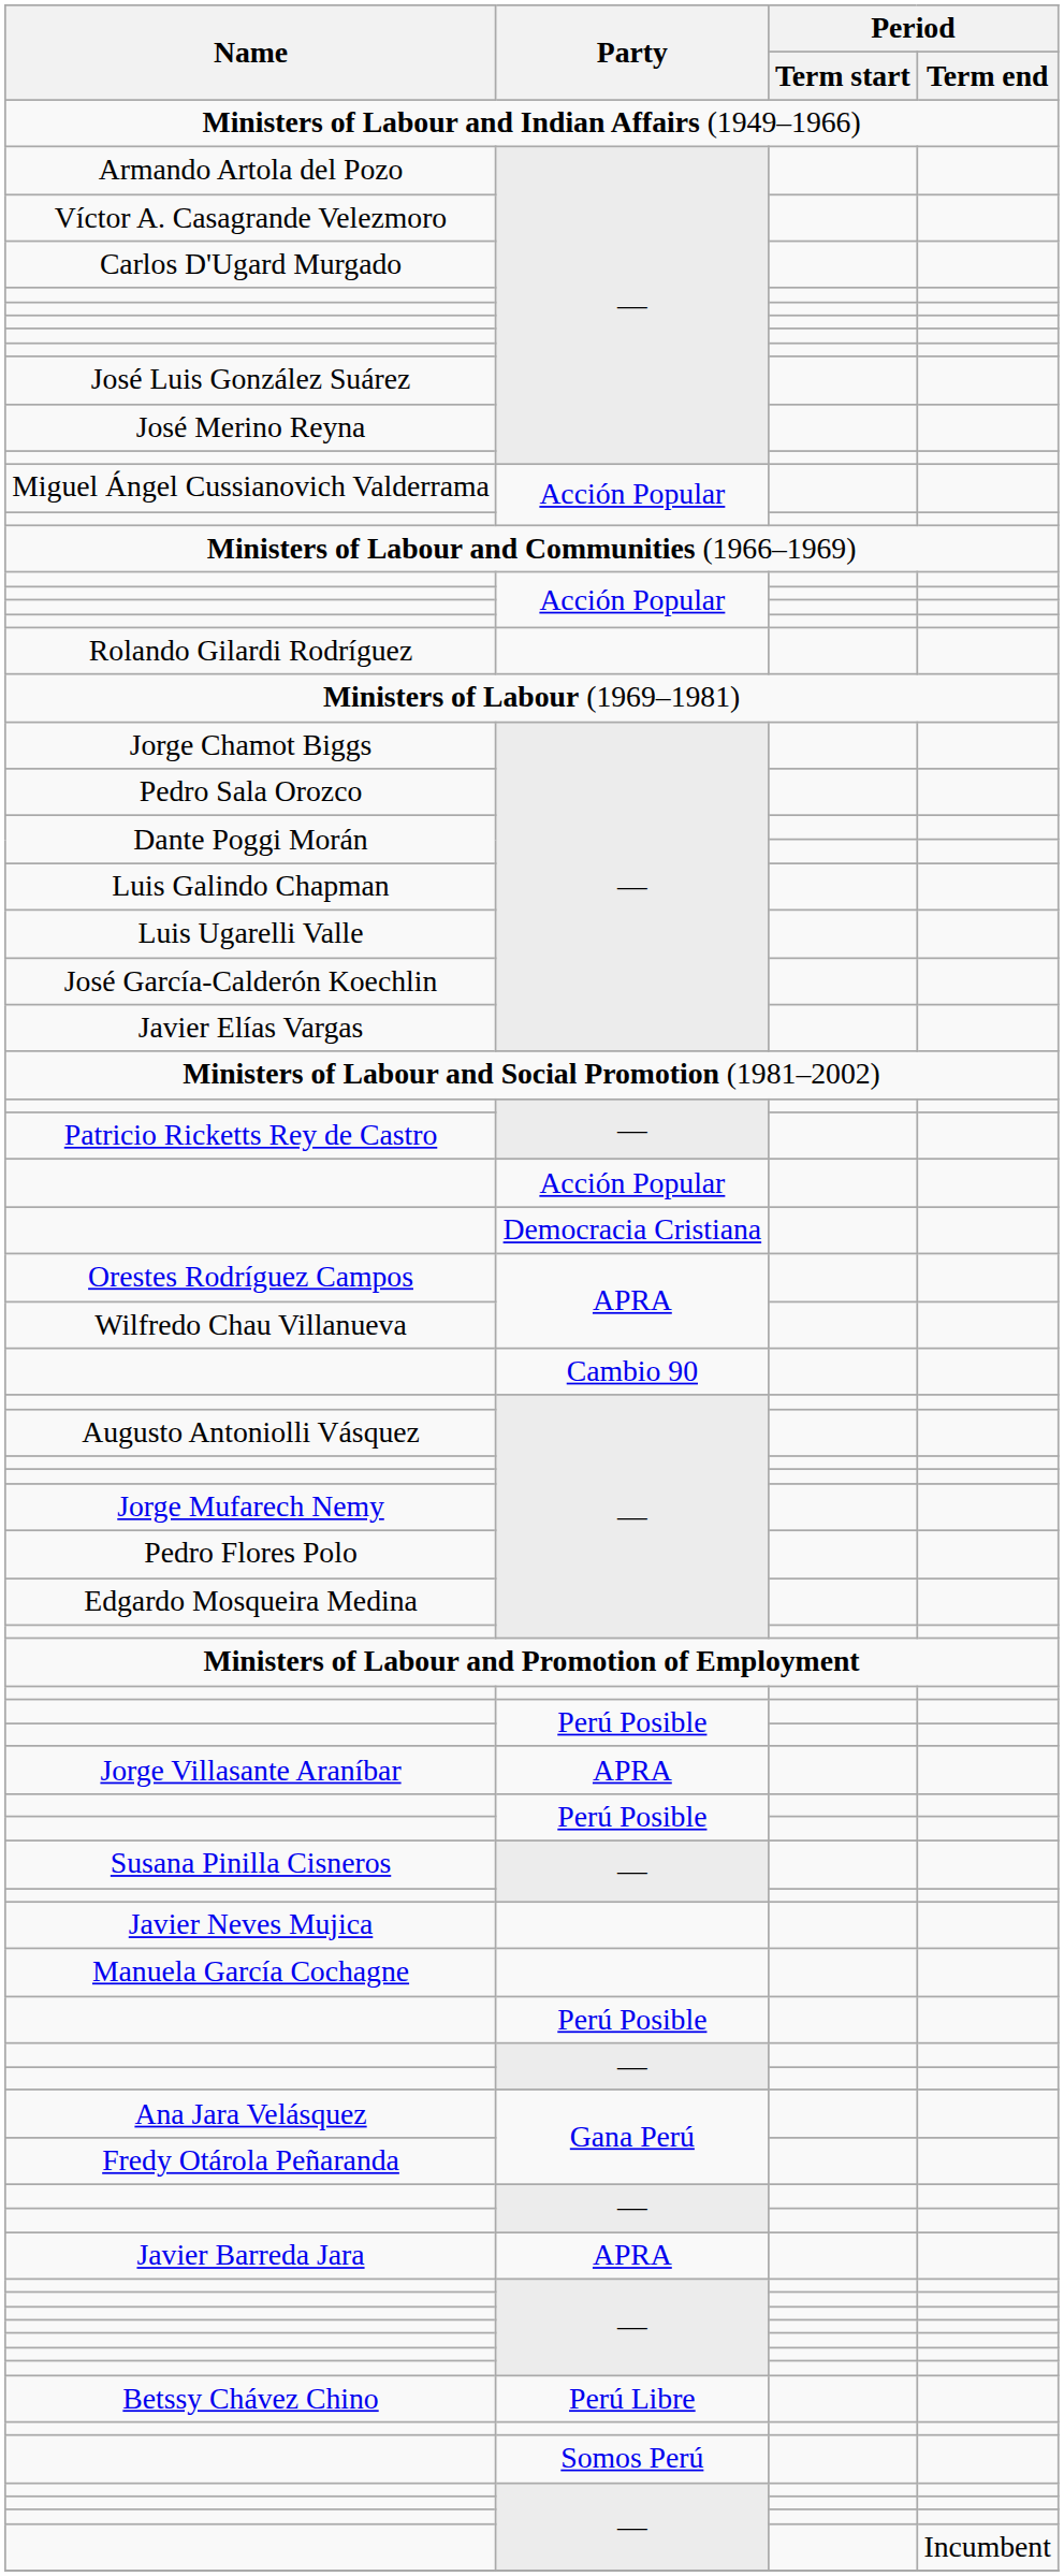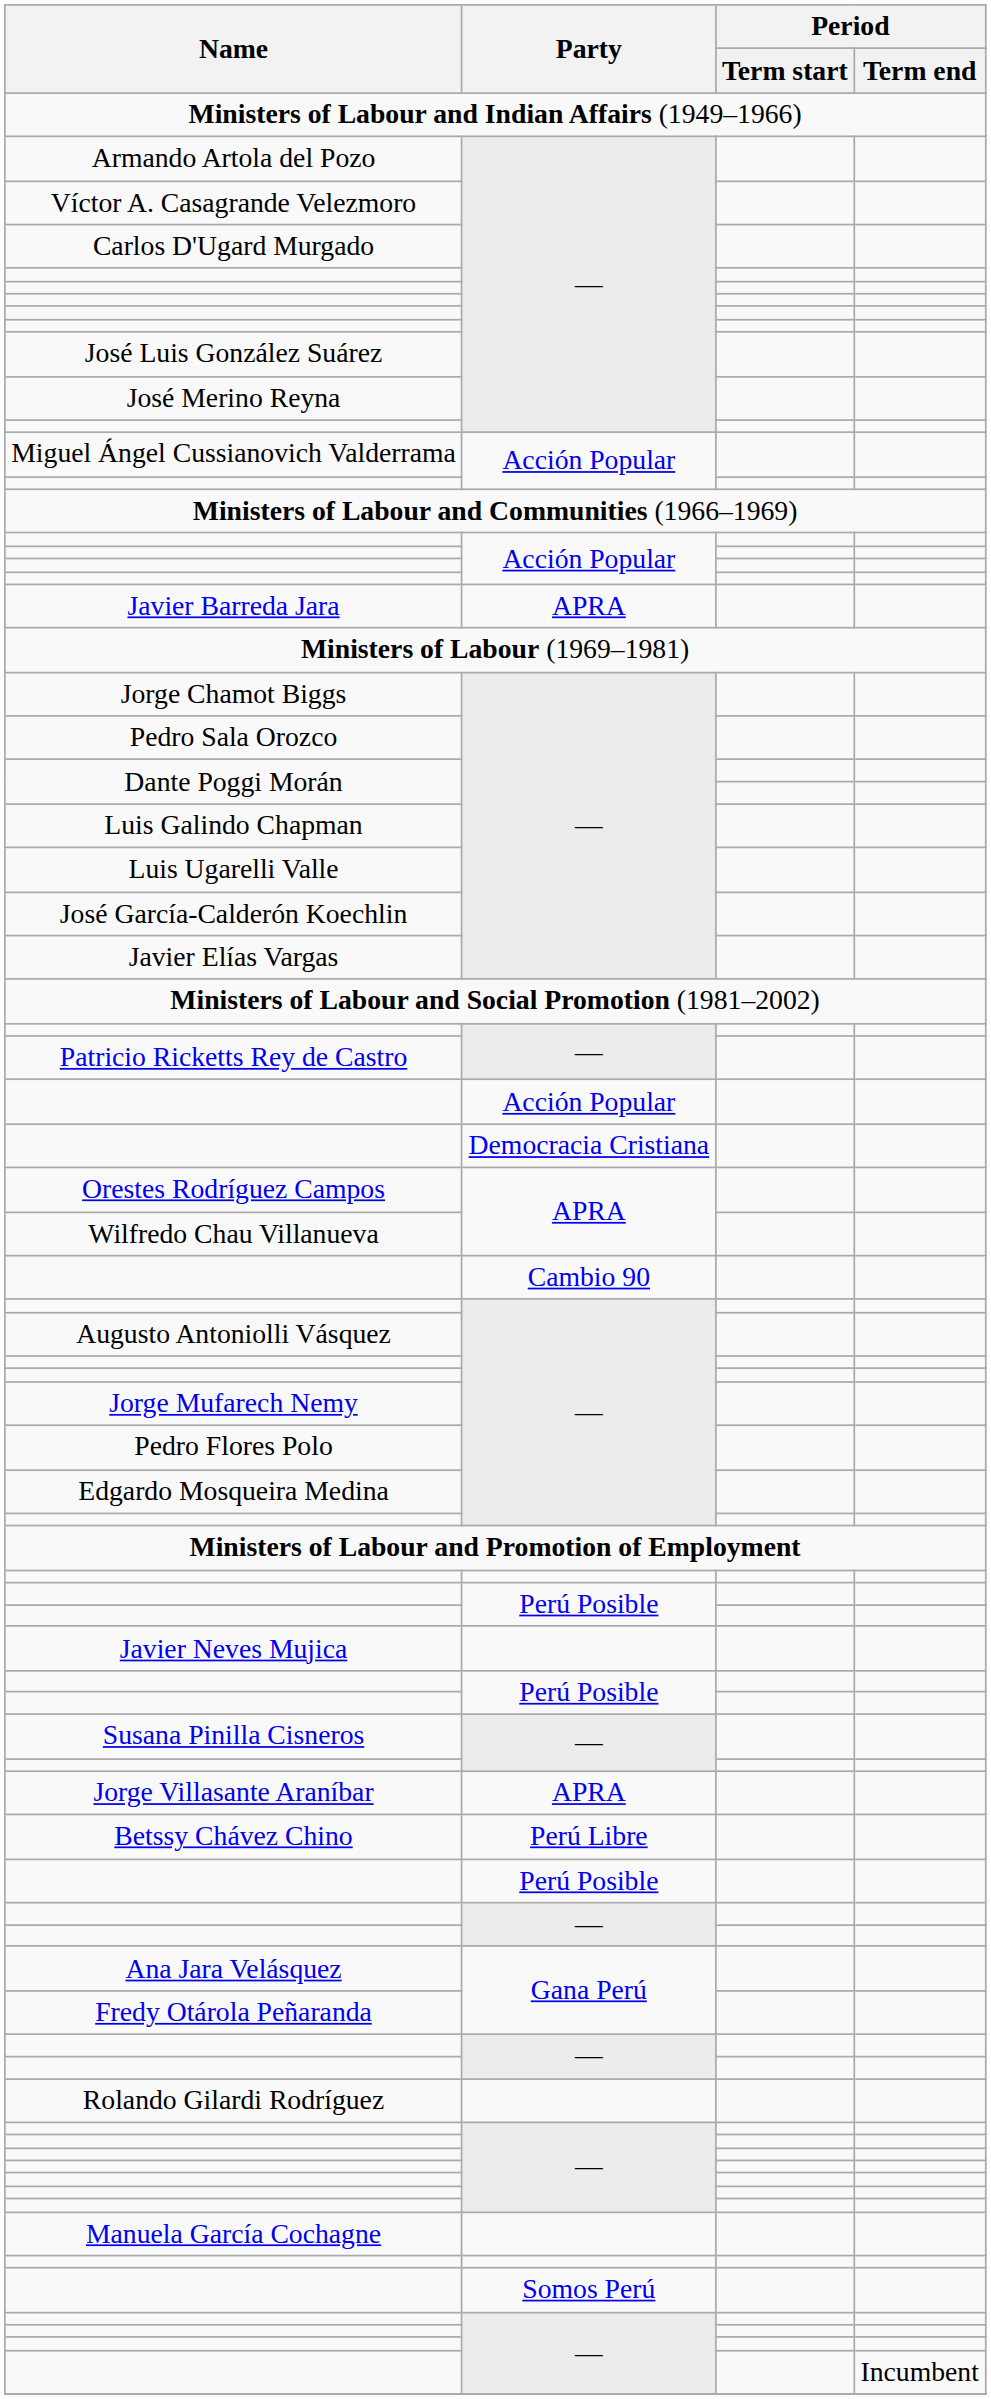 <table class="wikitable" style="text-align: center">
 <tr>
 <th rowspan=2><strong>Name</strong></th>
 <th rowspan=2><strong>Party</strong></th>
 <th colspan=2><strong>Period</strong></th>
 </tr>
 <tr>
 <th>Term start</th>
 <th>Term end</th>
 </tr>
 <tr>
 <td colspan=4><div><strong>Ministers of Labour and Indian Affairs</strong> (1949–1966)</div></td>
 </tr>
 <tr>
 <td>Armando Artola del Pozo</td>
 <td rowspan=11; style="background: var(--background-color-interactive, #ececec)">—</td>
 <td></td>
 <td></td>
 </tr>
 <tr>
 <td>Víctor A. Casagrande Velezmoro</td>
 <td></td>
 <td></td>
 </tr>
 <tr>
 <td>Carlos D'Ugard Murgado</td>
 <td></td>
 <td></td>
 </tr>
 <tr>
 <td></td>
 <td></td>
 <td></td>
 </tr>
 <tr>
 <td></td>
 <td></td>
 <td></td>
 </tr>
 <tr>
 <td></td>
 <td></td>
 <td></td>
 </tr>
 <tr>
 <td></td>
 <td></td>
 <td></td>
 </tr>
 <tr>
 <td></td>
 <td></td>
 <td></td>
 </tr>
 <tr>
 <td>José Luis González Suárez</td>
 <td></td>
 <td></td>
 </tr>
 <tr>
 <td>José Merino Reyna</td>
 <td></td>
 <td></td>
 </tr>
 <tr>
 <td></td>
 <td></td>
 <td></td>
 </tr>
 <tr>
 <td>Miguel Ángel Cussianovich Valderrama</td>
 <td rowspan="2"><a href='#'>Acción Popular</a></td>
 <td></td>
 <td></td>
 </tr>
 <tr>
 <td></td>
 <td></td>
 <td></td>
 </tr>
 <tr>
 <td colspan=4><div><strong>Ministers of Labour and Communities</strong> (1966–1969)</div></td>
 </tr>
 <tr>
 <td></td>
 <td rowspan="4"><a href='#'>Acción Popular</a></td>
 <td></td>
 <td></td>
 </tr>
 <tr>
 <td></td>
 <td></td>
 <td></td>
 </tr>
 <tr>
 <td></td>
 <td></td>
 <td></td>
 </tr>
 <tr>
 <td></td>
 <td></td>
 <td></td>
 </tr>
 <tr>
-<td>Rolando Gilardi Rodríguez</td>
-<td></td>
+<td><a href='#'>Javier Barreda Jara</a></td>
+<td><a href='#'>APRA</a></td>
 <td></td>
 <td></td>
 </tr>
 <tr>
 <td colspan=4><div><strong>Ministers of Labour</strong> (1969–1981)</div></td>
 </tr>
 <tr>
 <td>Jorge Chamot Biggs</td>
 <td rowspan=8; style="background: var(--background-color-interactive, #ececec)">—</td>
 <td></td>
 <td></td>
 </tr>
 <tr>
 <td>Pedro Sala Orozco</td>
 <td></td>
 <td></td>
 </tr>
 <tr>
 <td rowspan="2">Dante Poggi Morán</td>
 <td></td>
 <td></td>
 </tr>
 <tr>
 <td></td>
 <td></td>
 </tr>
 <tr>
 <td>Luis Galindo Chapman</td>
 <td></td>
 <td></td>
 </tr>
 <tr>
 <td>Luis Ugarelli Valle</td>
 <td></td>
 <td></td>
 </tr>
 <tr>
 <td>José García-Calderón Koechlin</td>
 <td></td>
 <td></td>
 </tr>
 <tr>
 <td>Javier Elías Vargas</td>
 <td></td>
 <td></td>
 </tr>
 <tr>
 <td colspan=4><div><strong>Ministers of Labour and Social Promotion</strong> (1981–2002)</div></td>
 </tr>
 <tr>
 <td></td>
 <td rowspan=2; style="background: var(--background-color-interactive, #ececec)">—</td>
 <td></td>
 <td></td>
 </tr>
 <tr>
 <td><a href='#'>Patricio Ricketts Rey de Castro</a></td>
 <td></td>
 <td></td>
 </tr>
 <tr>
 <td></td>
 <td><a href='#'>Acción Popular</a></td>
 <td></td>
 <td></td>
 </tr>
 <tr>
 <td></td>
 <td><a href='#'>Democracia Cristiana</a></td>
 <td></td>
 <td></td>
 </tr>
 <tr>
 <td><a href='#'>Orestes Rodríguez Campos</a></td>
 <td rowspan="2"><a href='#'>APRA</a></td>
 <td></td>
 <td></td>
 </tr>
 <tr>
 <td>Wilfredo Chau Villanueva</td>
 <td></td>
 <td></td>
 </tr>
 <tr>
 <td></td>
 <td><a href='#'>Cambio 90</a></td>
 <td></td>
 <td></td>
 </tr>
 <tr>
 <td></td>
 <td rowspan=8; style="background: var(--background-color-interactive, #ececec)">—</td>
 <td></td>
 <td></td>
 </tr>
 <tr>
 <td>Augusto Antoniolli Vásquez</td>
 <td></td>
 <td></td>
 </tr>
 <tr>
 <td></td>
 <td></td>
 <td></td>
 </tr>
 <tr>
 <td></td>
 <td></td>
 <td></td>
 </tr>
 <tr>
 <td><a href='#'>Jorge Mufarech Nemy</a></td>
 <td></td>
 <td></td>
 </tr>
 <tr>
 <td>Pedro Flores Polo</td>
 <td></td>
 <td></td>
 </tr>
 <tr>
 <td>Edgardo Mosqueira Medina</td>
 <td></td>
 <td></td>
 </tr>
 <tr>
 <td></td>
 <td></td>
 <td></td>
 </tr>
 <tr>
 <td colspan=4><div><strong>Ministers of Labour and Promotion of Employment</strong></div></td>
 </tr>
 <tr>
 <td></td>
 <td></td>
 <td></td>
 <td></td>
 </tr>
 <tr>
 <td></td>
 <td rowspan="2"><a href='#'>Perú Posible</a></td>
 <td></td>
 <td></td>
 </tr>
 <tr>
 <td></td>
 <td></td>
 <td></td>
 </tr>
 <tr>
-<td><a href='#'>Jorge Villasante Araníbar</a></td>
-<td><a href='#'>APRA</a></td>
+<td><a href='#'>Javier Neves Mujica</a></td>
+<td></td>
 <td></td>
 <td></td>
 </tr>
 <tr>
 <td></td>
 <td rowspan="2"><a href='#'>Perú Posible</a></td>
 <td></td>
 <td></td>
 </tr>
 <tr>
 <td></td>
 <td></td>
 <td></td>
 </tr>
 <tr>
 <td><a href='#'>Susana Pinilla Cisneros</a></td>
 <td rowspan=2; style="background: var(--background-color-interactive, #ececec)">—</td>
 <td></td>
 <td></td>
 </tr>
 <tr>
 <td></td>
 <td></td>
 <td></td>
 </tr>
 <tr>
-<td><a href='#'>Javier Neves Mujica</a></td>
-<td></td>
+<td><a href='#'>Jorge Villasante Araníbar</a></td>
+<td><a href='#'>APRA</a></td>
 <td></td>
 <td></td>
 </tr>
 <tr>
-<td><a href='#'>Manuela García Cochagne</a></td>
-<td></td>
+<td><a href='#'>Betssy Chávez Chino</a></td>
+<td><a href='#'>Perú Libre</a></td>
 <td></td>
 <td></td>
 </tr>
 <tr>
 <td></td>
 <td><a href='#'>Perú Posible</a></td>
 <td></td>
 <td></td>
 </tr>
 <tr>
 <td></td>
 <td rowspan=2; style="background: var(--background-color-interactive, #ececec)">—</td>
 <td></td>
 <td></td>
 </tr>
 <tr>
 <td></td>
 <td></td>
 <td></td>
 </tr>
 <tr>
 <td><a href='#'>Ana Jara Velásquez</a></td>
 <td rowspan="2"><a href='#'>Gana Perú</a></td>
 <td></td>
 <td></td>
 </tr>
 <tr>
 <td><a href='#'>Fredy Otárola Peñaranda</a></td>
 <td></td>
 <td></td>
 </tr>
 <tr>
 <td></td>
 <td rowspan=2; style="background: var(--background-color-interactive, #ececec)">—</td>
 <td></td>
 <td></td>
 </tr>
 <tr>
 <td></td>
 <td></td>
 <td></td>
 </tr>
 <tr>
-<td><a href='#'>Javier Barreda Jara</a></td>
-<td><a href='#'>APRA</a></td>
+<td>Rolando Gilardi Rodríguez</td>
+<td></td>
 <td></td>
 <td></td>
 </tr>
 <tr>
 <td></td>
 <td rowspan=7; style="background: var(--background-color-interactive, #ececec)">—</td>
 <td></td>
 <td></td>
 </tr>
 <tr>
 <td></td>
 <td></td>
 <td></td>
 </tr>
 <tr>
 <td></td>
 <td></td>
 <td></td>
 </tr>
 <tr>
 <td></td>
 <td></td>
 <td></td>
 </tr>
 <tr>
 <td></td>
 <td></td>
 <td></td>
 </tr>
 <tr>
 <td></td>
 <td></td>
 <td></td>
 </tr>
 <tr>
 <td></td>
 <td></td>
 <td></td>
 </tr>
 <tr>
-<td><a href='#'>Betssy Chávez Chino</a></td>
-<td><a href='#'>Perú Libre</a></td>
+<td><a href='#'>Manuela García Cochagne</a></td>
+<td></td>
 <td></td>
 <td></td>
 </tr>
 <tr>
 <td></td>
 <td></td>
 <td></td>
 <td></td>
 </tr>
 <tr>
 <td></td>
 <td><a href='#'>Somos Perú</a></td>
 <td></td>
 <td></td>
 </tr>
 <tr>
 <td></td>
 <td rowspan=4; style="background: var(--background-color-interactive, #ececec)">—</td>
 <td></td>
 <td></td>
 </tr>
 <tr>
 <td></td>
 <td></td>
 <td></td>
 </tr>
 <tr>
 <td></td>
 <td></td>
 <td></td>
 </tr>
 <tr>
 <td></td>
 <td></td>
 <td>Incumbent</td>
 </tr>
 <tr>
 </tr>
 </table>
